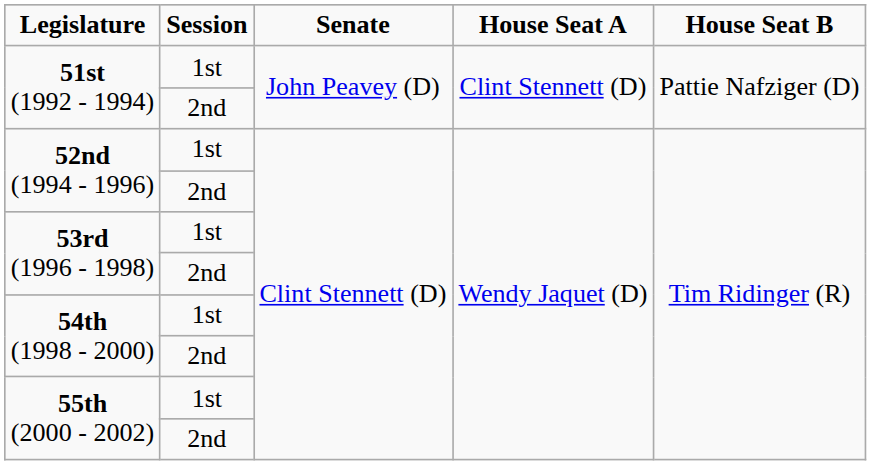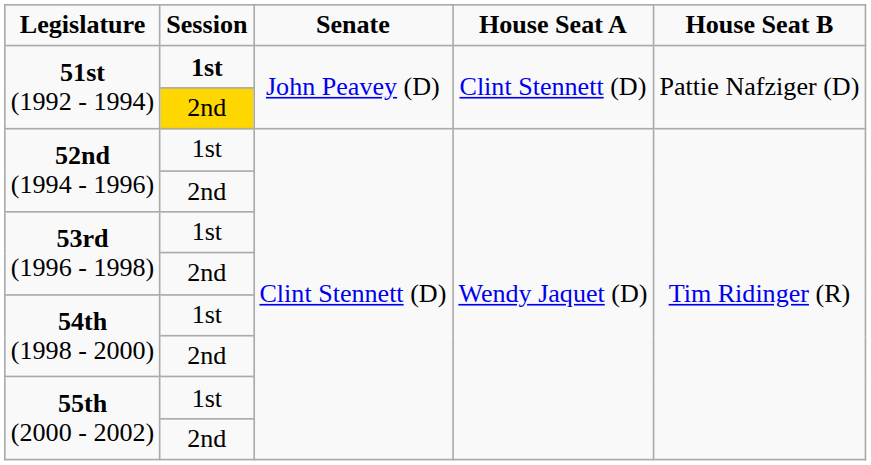 <table class=wikitable style="text-align:center">
 <tr>
 <td><strong>Legislature</strong></td>
 <td><strong>Session</strong></td>
 <td><strong>Senate</strong></td>
 <td><strong>House Seat A</strong></td>
 <td><strong>House Seat B</strong></td>
 </tr>
 <tr>
 <td rowspan="2" colspan="1" style="text-align: center;"><strong>51st</strong> <br> (1992 - 1994)</td>
-<td>1st</td>
+<td><strong>1st</strong></td>
 <td rowspan="2" colspan="1" style="text-align: center;" ><a href='#'>John Peavey</a> (D)</td>
 <td rowspan="2" colspan="1" style="text-align: center;" ><a href='#'>Clint Stennett</a> (D)</td>
 <td rowspan="2" colspan="1" style="text-align: center;" >Pattie Nafziger (D)</td>
 </tr>
 <tr>
-<td>2nd</td>
+<td style="background: gold;">2nd</td>
 </tr>
 <tr>
 <td rowspan="2" colspan="1" style="text-align: center;"><strong>52nd</strong> <br> (1994 - 1996)</td>
 <td>1st</td>
 <td rowspan="8" colspan="1" style="text-align: center;" ><a href='#'>Clint Stennett</a> (D)</td>
 <td rowspan="8" colspan="1" style="text-align: center;" ><a href='#'>Wendy Jaquet</a> (D)</td>
 <td rowspan="8" colspan="1" style="text-align: center;" ><a href='#'>Tim Ridinger</a> (R)</td>
 </tr>
 <tr>
 <td>2nd</td>
 </tr>
 <tr>
 <td rowspan="2" colspan="1" style="text-align: center;"><strong>53rd</strong> <br> (1996 - 1998)</td>
 <td>1st</td>
 </tr>
 <tr>
 <td>2nd</td>
 </tr>
 <tr>
 <td rowspan="2" colspan="1" style="text-align: center;"><strong>54th</strong> <br> (1998 - 2000)</td>
 <td>1st</td>
 </tr>
 <tr>
 <td>2nd</td>
 </tr>
 <tr>
 <td rowspan="2" colspan="1" style="text-align: center;"><strong>55th</strong> <br> (2000 - 2002)</td>
 <td>1st</td>
 </tr>
 <tr>
 <td>2nd</td>
 </tr>
 </table>
